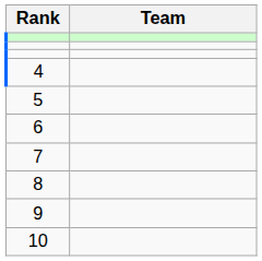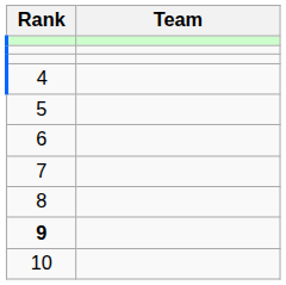 <table class="wikitable" style="text-align: center;">
 <tr>
 <th width=50>Rank</th>
 <th width=160>Team</th>
 </tr>
 <tr bgcolor=#cfc>
 <td style="border-left:3px solid #06f;"></td>
 <td align=left></td>
 </tr>
 <tr>
 <td style="border-left:3px solid #06f;"></td>
 <td align=left></td>
 </tr>
 <tr>
 <td style="border-left:3px solid #06f;"></td>
 <td align=left></td>
 </tr>
 <tr>
 <td style="border-left:3px solid #06f;">4</td>
 <td align=left></td>
 </tr>
 <tr>
 <td>5</td>
 <td align=left></td>
 </tr>
 <tr>
 <td>6</td>
 <td align=left></td>
 </tr>
 <tr>
 <td>7</td>
 <td align=left></td>
 </tr>
 <tr>
 <td>8</td>
 <td align=left></td>
 </tr>
 <tr>
-<td>9</td>
+<td><strong>9</strong></td>
 <td align=left></td>
 </tr>
 <tr>
 <td>10</td>
 <td align=left></td>
 </tr>
 </table>
